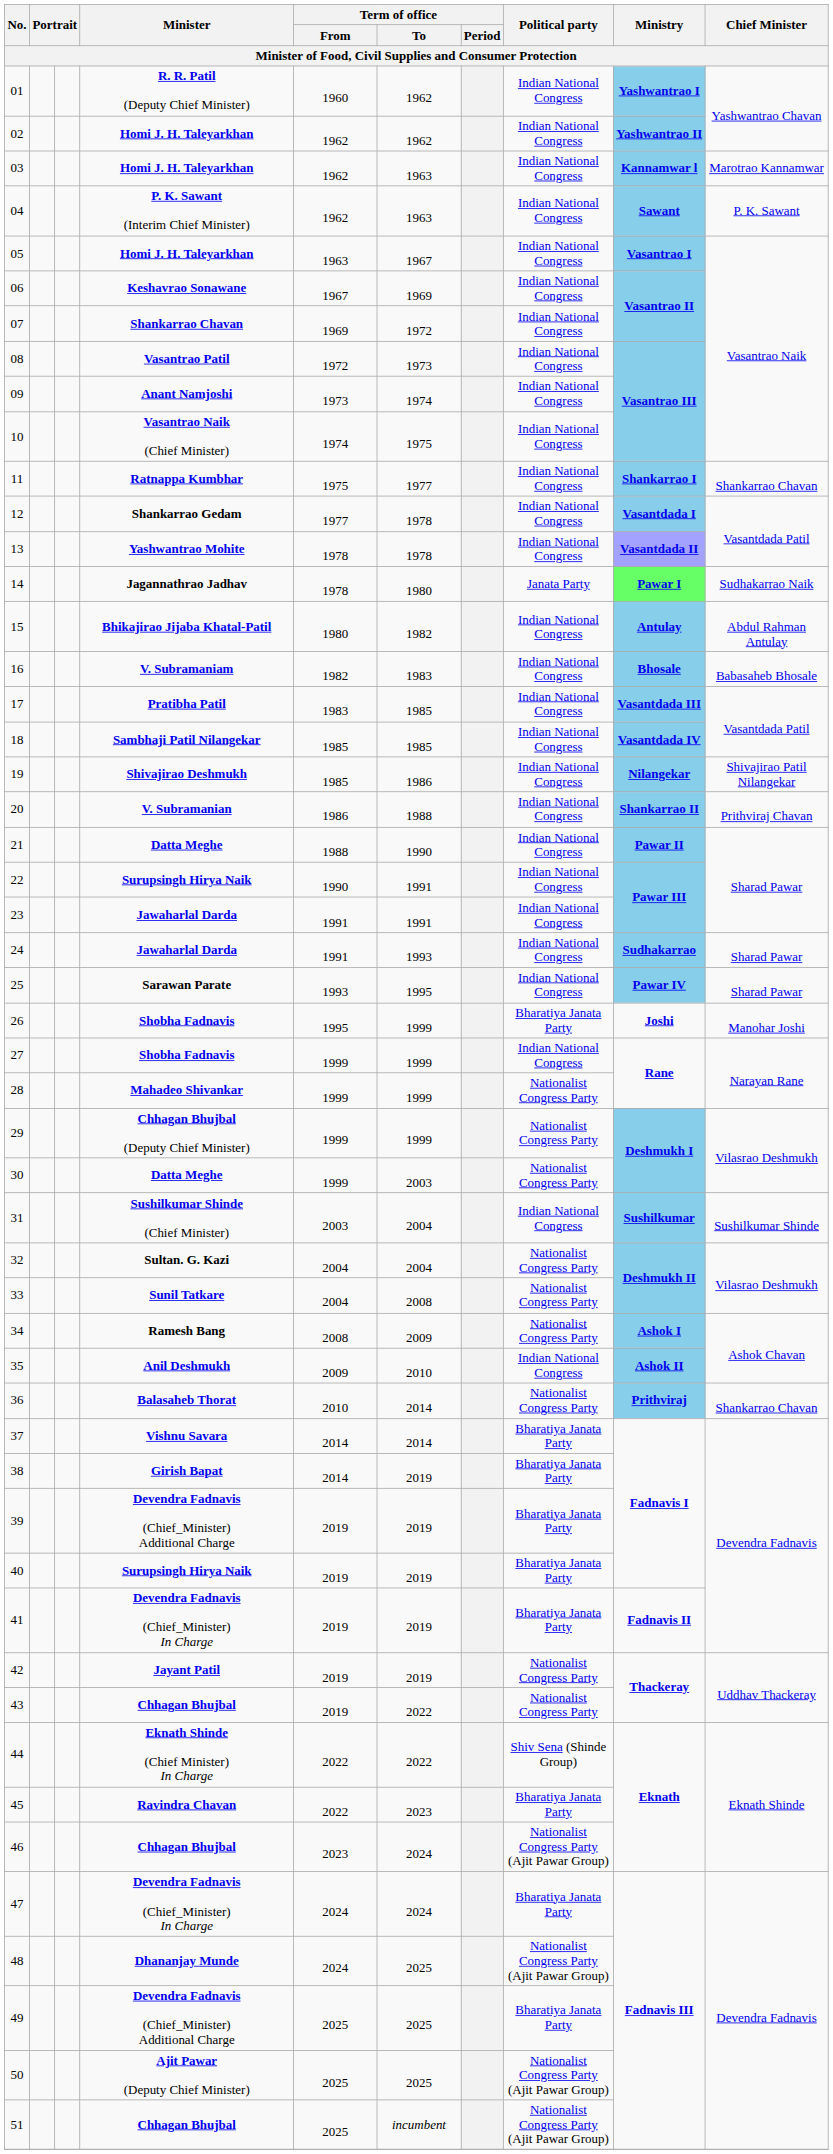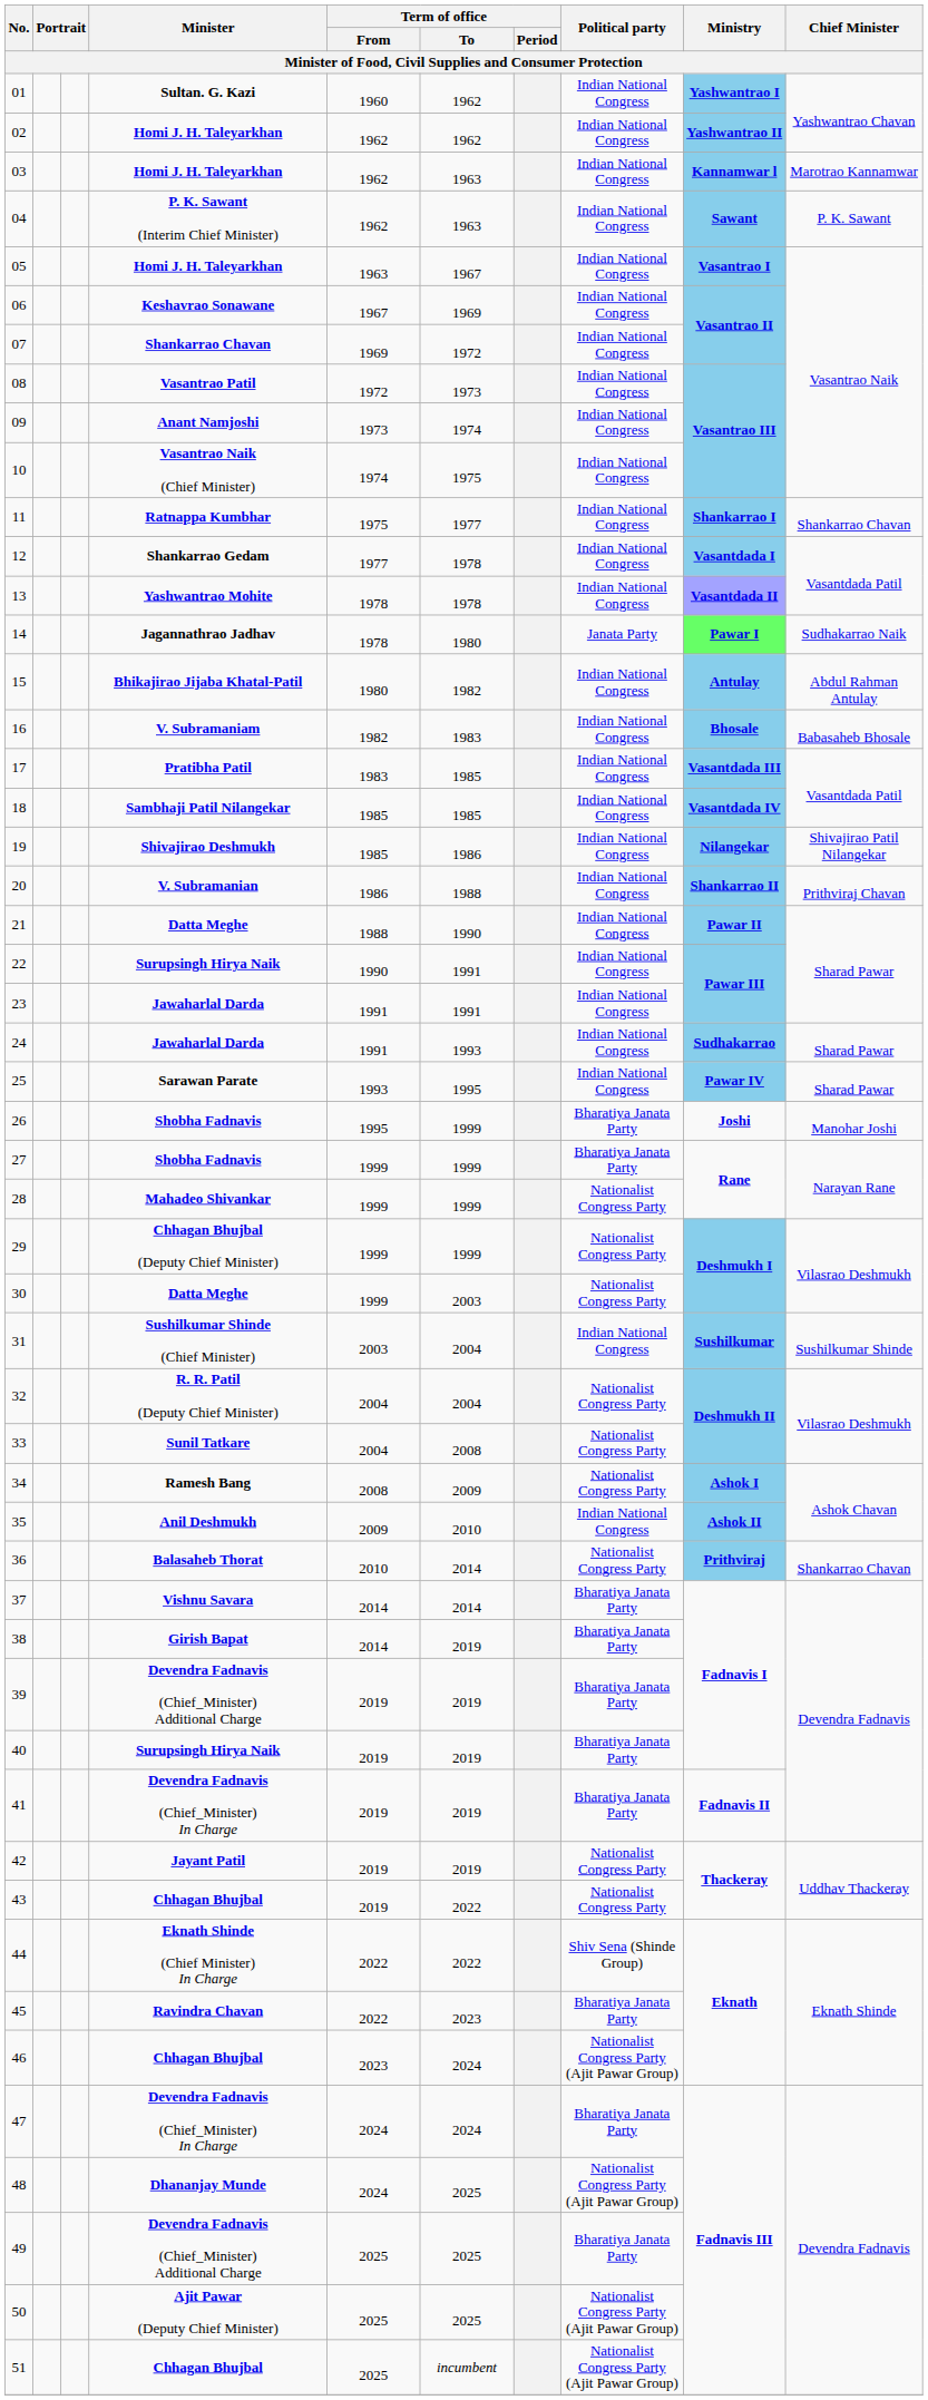 <table class="wikitable" style="text-align:center">
 <tr>
 <th rowspan="2">No.</th>
 <th rowspan="2" colspan="2">Portrait</th>
 <th rowspan="2" style="width:16em">Minister<br></th>
 <th colspan="3">Term of office</th>
 <th rowspan="2" style="width:8em">Political party</th>
 <th rowspan="2">Ministry</th>
 <th rowspan="2" style="width:9em">Chief Minister</th>
 </tr>
 <tr>
 <th style="width:6em">From</th>
 <th style="width:6em">To</th>
 <th>Period</th>
 </tr>
 <tr>
 <th colspan="10">Minister of Food, Civil Supplies and Consumer Protection</th>
 </tr>
 <tr>
 <td>01</td>
 <td style="color:inherit;background:"></td>
 <td></td>
-<td><strong><a href='#'>R. R. Patil</a></strong> <br> <br>(Deputy Chief Minister)</td>
+<td><strong>Sultan. G. Kazi</strong>   <br> </td>
 <td><br>1960</td>
 <td><br>1962</td>
 <th></th>
 <td><a href='#'>Indian National Congress</a></td>
 <td bgcolor="#87CEEB"><a href='#'><strong>Yashwantrao I</strong></a></td>
 <td rowspan="2"> <br><a href='#'>Yashwantrao Chavan</a></td>
 </tr>
 <tr>
 <td>02</td>
 <td style="color:inherit;background:"></td>
 <td></td>
 <td><strong><a href='#'>Homi J. H. Taleyarkhan</a></strong>  <br> </td>
 <td><br>1962</td>
 <td><br>1962</td>
 <th></th>
 <td><a href='#'>Indian National Congress</a></td>
 <td bgcolor="#87CEEB"><a href='#'><strong>Yashwantrao II</strong></a></td>
 </tr>
 <tr>
 <td>03</td>
 <td style="color:inherit;background:"></td>
 <td></td>
 <td><strong><a href='#'>Homi J. H. Taleyarkhan</a></strong> <br> </td>
 <td><br>1962</td>
 <td><br>1963</td>
 <th></th>
 <td><a href='#'>Indian National Congress</a></td>
 <td bgcolor="#87CEEB"><a href='#'><strong>Kannamwar l</strong></a></td>
 <td><a href='#'>Marotrao Kannamwar</a></td>
 </tr>
 <tr>
 <td>04</td>
 <td style="color:inherit;background:"></td>
 <td></td>
 <td><strong><a href='#'>P. K. Sawant</a></strong> <br>  <br>(Interim Chief Minister)</td>
 <td><br>1962</td>
 <td><br>1963</td>
 <th></th>
 <td><a href='#'>Indian National Congress</a></td>
 <td bgcolor="#87CEEB"><a href='#'><strong>Sawant</strong></a></td>
 <td><a href='#'>P. K. Sawant</a></td>
 </tr>
 <tr>
 <td>05</td>
 <td style="color:inherit;background:"></td>
 <td></td>
 <td><strong><a href='#'>Homi J. H. Taleyarkhan</a></strong> <br> </td>
 <td><br>1963</td>
 <td><br>1967</td>
 <th></th>
 <td><a href='#'>Indian National Congress</a></td>
 <td bgcolor="#87CEEB"><a href='#'><strong>Vasantrao I</strong></a></td>
 <td rowspan="6"><br><a href='#'>Vasantrao Naik</a></td>
 </tr>
 <tr>
 <td>06</td>
 <td style="color:inherit;background:"></td>
 <td></td>
 <td><strong><a href='#'>Keshavrao Sonawane</a></strong> <br> </td>
 <td><br>1967</td>
 <td><br>1969</td>
 <th></th>
 <td><a href='#'>Indian National Congress</a></td>
 <td rowspan="2" bgcolor="#87CEEB"><a href='#'><strong>Vasantrao II</strong></a></td>
 </tr>
 <tr>
 <td>07</td>
 <td style="color:inherit;background:"></td>
 <td></td>
 <td><strong><a href='#'>Shankarrao Chavan</a></strong> <br> </td>
 <td><br>1969</td>
 <td><br>1972</td>
 <th></th>
 <td><a href='#'>Indian National Congress</a></td>
 </tr>
 <tr>
 <td>08</td>
 <td style="color:inherit;background:"></td>
 <td></td>
 <td><strong><a href='#'>Vasantrao Patil</a></strong> <br> </td>
 <td><br>1972</td>
 <td><br>1973</td>
 <th></th>
 <td><a href='#'>Indian National Congress</a></td>
 <td rowspan="3" bgcolor="#87CEEB"><a href='#'><strong>Vasantrao III</strong></a></td>
 </tr>
 <tr>
 <td>09</td>
 <td style="color:inherit;background:"></td>
 <td></td>
 <td><strong><a href='#'>Anant Namjoshi</a></strong> <br> </td>
 <td><br>1973</td>
 <td><br>1974</td>
 <th></th>
 <td><a href='#'>Indian National Congress</a></td>
 </tr>
 <tr>
 <td>10</td>
 <td style="color:inherit;background:"></td>
 <td></td>
 <td><strong><a href='#'>Vasantrao Naik</a></strong><br>  <br> (Chief Minister)</td>
 <td><br>1974</td>
 <td><br>1975</td>
 <th></th>
 <td><a href='#'>Indian National Congress</a></td>
 </tr>
 <tr>
 <td>11</td>
 <td style="color:inherit;background:"></td>
 <td></td>
 <td><strong><a href='#'>Ratnappa Kumbhar</a></strong> <br> </td>
 <td><br>1975</td>
 <td><br>1977</td>
 <th></th>
 <td><a href='#'>Indian National Congress</a></td>
 <td rowspan="1" bgcolor="#87CEEB"><a href='#'><strong>Shankarrao I</strong></a></td>
 <td rowspan="1"><br><a href='#'>Shankarrao Chavan</a></td>
 </tr>
 <tr>
 <td>12</td>
 <td style="color:inherit;background:"></td>
 <td></td>
 <td><strong>Shankarrao Gedam</strong> <br> </td>
 <td><br>1977</td>
 <td><br>1978</td>
 <th></th>
 <td><a href='#'>Indian National Congress</a></td>
 <td rowspan="1" bgcolor="#88CEEB"><a href='#'><strong>Vasantdada I</strong></a></td>
 <td rowspan="2"><br><a href='#'>Vasantdada Patil</a></td>
 </tr>
 <tr>
 <td>13</td>
 <td style="color:inherit;background:"></td>
 <td></td>
 <td><strong><a href='#'>Yashwantrao Mohite</a></strong> <br> </td>
 <td><br>1978</td>
 <td><br>1978</td>
 <th></th>
 <td><a href='#'>Indian National Congress</a></td>
 <td rowspan="1" bgcolor="#A3A3FF"><a href='#'><strong>Vasantdada II</strong></a></td>
 </tr>
 <tr>
 <td>14</td>
 <td style="color:inherit;background:"></td>
 <td></td>
 <td><strong>Jagannathrao Jadhav</strong> <br> </td>
 <td><br>1978</td>
 <td><br>1980</td>
 <th></th>
 <td><a href='#'>Janata Party</a></td>
 <td rowspan="1" bgcolor="#66FF66"><a href='#'><strong>Pawar I</strong></a></td>
 <td rowspan="1"><a href='#'>Sudhakarrao Naik</a></td>
 </tr>
 <tr>
 <td>15</td>
 <td style="color:inherit;background:"></td>
 <td><br></td>
 <td><strong><a href='#'>Bhikajirao Jijaba Khatal-Patil</a></strong> <br> </td>
 <td><br>1980</td>
 <td><br>1982</td>
 <th></th>
 <td><a href='#'>Indian National Congress</a></td>
 <td rowspan="1" bgcolor="#87CEEB"><a href='#'><strong>Antulay</strong></a></td>
 <td rowspan="1"> <br><a href='#'>Abdul Rahman Antulay</a></td>
 </tr>
 <tr>
 <td>16</td>
 <td style="color:inherit;background:"></td>
 <td></td>
 <td><strong><a href='#'>V. Subramaniam</a></strong>  <br> </td>
 <td><br>1982</td>
 <td><br>1983</td>
 <th></th>
 <td><a href='#'>Indian National Congress</a></td>
 <td rowspan="1" bgcolor="#87CEEB"><a href='#'><strong>Bhosale</strong></a></td>
 <td rowspan="1"> <br><a href='#'>Babasaheb Bhosale</a></td>
 </tr>
 <tr>
 <td>17</td>
 <td style="color:inherit;background:"></td>
 <td></td>
 <td><strong><a href='#'>Pratibha Patil</a></strong> <br> </td>
 <td><br>1983</td>
 <td><br>1985</td>
 <th></th>
 <td><a href='#'>Indian National Congress</a></td>
 <td bgcolor="#87CEEB"><a href='#'><strong>Vasantdada III</strong></a></td>
 <td rowspan="2"><br><a href='#'>Vasantdada Patil</a></td>
 </tr>
 <tr>
 <td>18</td>
 <td style="color:inherit;background:"></td>
 <td></td>
 <td><strong><a href='#'>Sambhaji Patil Nilangekar</a></strong> <br> </td>
 <td><br>1985</td>
 <td><br>1985</td>
 <th></th>
 <td><a href='#'>Indian National Congress</a></td>
 <td bgcolor="#87CEEB"><a href='#'><strong>Vasantdada IV</strong></a></td>
 </tr>
 <tr>
 <td>19</td>
 <td style="color:inherit;background:"></td>
 <td></td>
 <td><strong><a href='#'>Shivajirao Deshmukh</a></strong> <br> </td>
 <td><br>1985</td>
 <td><br>1986</td>
 <th></th>
 <td><a href='#'>Indian National Congress</a></td>
 <td bgcolor="#87CEEB"><a href='#'><strong>Nilangekar</strong></a></td>
 <td><a href='#'>Shivajirao Patil Nilangekar</a></td>
 </tr>
 <tr>
 <td>20</td>
 <td style="color:inherit;background:"></td>
 <td></td>
 <td><strong><a href='#'>V. Subramanian</a></strong> <br> </td>
 <td><br>1986</td>
 <td><br>1988</td>
 <th></th>
 <td><a href='#'>Indian National Congress</a></td>
 <td rowspan="1"bgcolor="#87CEEB"><a href='#'><strong>Shankarrao II</strong></a></td>
 <td rowspan="1"><br><a href='#'>Prithviraj Chavan</a></td>
 </tr>
 <tr>
 <td>21</td>
 <td style="color:inherit;background:"></td>
 <td></td>
 <td><strong><a href='#'>Datta Meghe</a></strong> <br> </td>
 <td><br>1988</td>
 <td><br>1990</td>
 <th></th>
 <td><a href='#'>Indian National Congress</a></td>
 <td rowspan="1" bgcolor="#87CEEB"><a href='#'><strong>Pawar II</strong></a></td>
 <td rowspan="3"> <br><a href='#'>Sharad Pawar</a></td>
 </tr>
 <tr>
 <td>22</td>
 <td style="color:inherit;background:"></td>
 <td></td>
 <td><strong><a href='#'>Surupsingh Hirya Naik</a></strong> <br> </td>
 <td><br>1990</td>
 <td><br>1991</td>
 <th></th>
 <td><a href='#'>Indian National Congress</a></td>
 <td rowspan="2" bgcolor="#87CEEB"><a href='#'><strong>Pawar III</strong></a></td>
 </tr>
 <tr>
 <td>23</td>
 <td style="color:inherit;background:"></td>
 <td></td>
 <td><strong><a href='#'>Jawaharlal Darda</a></strong> <br> </td>
 <td><br>1991</td>
 <td><br>1991</td>
 <th></th>
 <td><a href='#'>Indian National Congress</a></td>
 </tr>
 <tr>
 <td>24</td>
 <td style="color:inherit;background:"></td>
 <td></td>
 <td><strong><a href='#'>Jawaharlal Darda</a></strong> <br> </td>
 <td><br>1991</td>
 <td><br>1993</td>
 <th></th>
 <td><a href='#'>Indian National Congress</a></td>
 <td rowspan="1" bgcolor="#87CEEB"><a href='#'><strong>Sudhakarrao</strong></a></td>
 <td rowspan="1"><br><a href='#'>Sharad Pawar</a></td>
 </tr>
 <tr>
 <td>25</td>
 <td style="color:inherit;background:"></td>
 <td></td>
 <td><strong>Sarawan Parate</strong> <br> </td>
 <td><br>1993</td>
 <td><br>1995</td>
 <th></th>
 <td><a href='#'>Indian National Congress</a></td>
 <td bgcolor="#87CEEB"><a href='#'><strong>Pawar IV</strong></a></td>
 <td> <br><a href='#'>Sharad Pawar</a></td>
 </tr>
 <tr>
 <td>26</td>
 <td style="color:inherit;background:"></td>
 <td></td>
 <td><strong><a href='#'>Shobha Fadnavis</a></strong> <br> </td>
 <td><br>1995</td>
 <td><br>1999</td>
 <th></th>
 <td><a href='#'>Bharatiya Janata Party</a></td>
 <td rowspan="1"><a href='#'><strong>Joshi</strong></a></td>
 <td rowspan="1"> <br><a href='#'>Manohar Joshi</a></td>
 </tr>
 <tr>
 <td>27</td>
 <td style="color:inherit;background:"></td>
 <td></td>
 <td><strong><a href='#'>Shobha Fadnavis</a></strong> <br> </td>
 <td><br>1999</td>
 <td><br>1999</td>
 <th></th>
-<td><a href='#'>Indian National Congress</a></td>
+<td><a href='#'>Bharatiya Janata Party</a></td>
 <td rowspan="2"><a href='#'><strong>Rane</strong></a></td>
 <td rowspan="2"> <br><a href='#'>Narayan Rane</a></td>
 </tr>
 <tr>
 <td>28</td>
 <td style="color:inherit;background:"></td>
 <td></td>
 <td><strong><a href='#'>Mahadeo Shivankar</a></strong> <br> </td>
 <td><br>1999</td>
 <td><br>1999</td>
 <th></th>
 <td><a href='#'>Nationalist Congress Party</a></td>
 </tr>
 <tr>
 <td>29</td>
 <td style="color:inherit;background:"></td>
 <td></td>
 <td><strong><a href='#'>Chhagan Bhujbal</a></strong> <br> <br> (Deputy Chief Minister)</td>
 <td><br>1999</td>
 <td><br>1999</td>
 <th></th>
 <td><a href='#'>Nationalist Congress Party</a></td>
 <td rowspan="2" bgcolor="#87CEEB"><a href='#'><strong>Deshmukh I</strong></a></td>
 <td rowspan="2"> <br><a href='#'>Vilasrao Deshmukh</a></td>
 </tr>
 <tr>
 <td>30</td>
 <td style="color:inherit;background:"></td>
 <td></td>
 <td><strong><a href='#'>Datta Meghe</a></strong> <br> </td>
 <td><br>1999</td>
 <td><br>2003</td>
 <th></th>
 <td><a href='#'>Nationalist Congress Party</a></td>
 </tr>
 <tr>
 <td>31</td>
 <td style="color:inherit;background:"></td>
 <td></td>
 <td><strong><a href='#'>Sushilkumar Shinde</a></strong> <br> <br> (Chief Minister)</td>
 <td><br>2003</td>
 <td><br>2004</td>
 <th></th>
 <td><a href='#'>Indian National Congress</a></td>
 <td rowspan="1" bgcolor="#87CEEB"><a href='#'><strong>Sushilkumar</strong></a></td>
 <td rowspan="1"> <br><a href='#'>Sushilkumar Shinde</a></td>
 </tr>
 <tr>
 <td>32</td>
 <td style="color:inherit;background:"></td>
 <td></td>
-<td><strong>Sultan. G. Kazi</strong>   <br> </td>
+<td><strong><a href='#'>R. R. Patil</a></strong> <br> <br>(Deputy Chief Minister)</td>
 <td><br>2004</td>
 <td><br>2004</td>
 <th></th>
 <td><a href='#'>Nationalist Congress Party</a></td>
 <td rowspan="2" bgcolor="#87CEEB"><a href='#'><strong>Deshmukh II</strong></a></td>
 <td rowspan="2"> <br><a href='#'>Vilasrao Deshmukh</a></td>
 </tr>
 <tr>
 <td>33</td>
 <td style="color:inherit;background:"></td>
 <td></td>
 <td><strong><a href='#'>Sunil Tatkare</a></strong> <br> </td>
 <td><br>2004</td>
 <td><br>2008</td>
 <th></th>
 <td><a href='#'>Nationalist Congress Party</a></td>
 </tr>
 <tr>
 <td>34</td>
 <td style="color:inherit;background:"></td>
 <td></td>
 <td><strong>Ramesh Bang</strong>   <br> </td>
 <td><br>2008</td>
 <td><br>2009</td>
 <th></th>
 <td><a href='#'>Nationalist Congress Party</a></td>
 <td bgcolor="#87CEEB"><a href='#'><strong>Ashok I</strong></a></td>
 <td rowspan="2"><br><a href='#'>Ashok Chavan</a></td>
 </tr>
 <tr>
 <td>35</td>
 <td style="color:inherit;background:"></td>
 <td></td>
 <td><strong><a href='#'>Anil Deshmukh</a></strong> <br> </td>
 <td><br>2009</td>
 <td><br>2010</td>
 <th></th>
 <td><a href='#'>Indian National Congress</a></td>
 <td bgcolor="#87CEEB"><a href='#'><strong>Ashok II</strong></a></td>
 </tr>
 <tr>
 <td>36</td>
 <td style="color:inherit;background:"></td>
 <td></td>
 <td><strong><a href='#'>Balasaheb Thorat</a></strong> <br> </td>
 <td><br>2010</td>
 <td><br>2014</td>
 <th></th>
 <td><a href='#'>Nationalist Congress Party</a></td>
 <td rowspan="1" bgcolor="#87CEEB"><a href='#'><strong>Prithviraj</strong></a></td>
 <td rowspan="1"> <br><a href='#'>Shankarrao Chavan</a></td>
 </tr>
 <tr>
 <td>37</td>
 <td style="color:inherit;background:"></td>
 <td></td>
 <td><strong><a href='#'>Vishnu Savara</a></strong>  <br> </td>
 <td><br>2014</td>
 <td><br>2014</td>
 <th></th>
 <td rowspan="1"><a href='#'>Bharatiya Janata Party</a></td>
 <td rowspan="4"><a href='#'><strong>Fadnavis I</strong></a></td>
 <td rowspan="5"> <br><a href='#'>Devendra Fadnavis</a></td>
 </tr>
 <tr>
 <td>38</td>
 <td style="color:inherit;background:"></td>
 <td></td>
 <td><strong><a href='#'>Girish Bapat</a></strong>  <br> </td>
 <td><br>2014</td>
 <td><br>2019</td>
 <th></th>
 <td rowspan="1"><a href='#'>Bharatiya Janata Party</a></td>
 </tr>
 <tr>
 <td>39</td>
 <td style="color:inherit;background:"></td>
 <td></td>
 <td><strong><a href='#'>Devendra Fadnavis</a></strong> <br> <br>(Chief_Minister) <br>Additional Charge</td>
 <td><br>2019</td>
 <td><br>2019</td>
 <th></th>
 <td><a href='#'>Bharatiya Janata Party</a></td>
 </tr>
 <tr>
 <td>40</td>
 <td style="color:inherit;background:"></td>
 <td></td>
 <td><strong><a href='#'>Surupsingh Hirya Naik</a></strong> <br> </td>
 <td><br>2019</td>
 <td><br>2019</td>
 <th></th>
 <td><a href='#'>Bharatiya Janata Party</a></td>
 </tr>
 <tr>
 <td>41</td>
 <td style="color:inherit;background:"></td>
 <td></td>
 <td><strong><a href='#'>Devendra Fadnavis</a></strong>  <br> <br>(Chief_Minister) <br><em>In Charge</em></td>
 <td><br>2019</td>
 <td><br>2019</td>
 <th></th>
 <td><a href='#'>Bharatiya Janata Party</a></td>
 <td rowspan="1"><a href='#'><strong>Fadnavis II</strong></a></td>
 </tr>
 <tr>
 <td>42</td>
 <td style="color:inherit;background:"></td>
 <td></td>
 <td><strong><a href='#'>Jayant Patil</a></strong> <br> </td>
 <td><br>2019</td>
 <td><br>2019</td>
 <th></th>
 <td><a href='#'>Nationalist Congress Party</a></td>
 <td rowspan="2"><a href='#'><strong>Thackeray</strong></a></td>
 <td rowspan="2"> <br><a href='#'>Uddhav Thackeray</a></td>
 </tr>
 <tr>
 <td>43</td>
 <td style="color:inherit;background:"></td>
 <td></td>
 <td><strong><a href='#'>Chhagan Bhujbal</a></strong> <br> </td>
 <td><br>2019</td>
 <td><br>2022</td>
 <th></th>
 <td><a href='#'>Nationalist Congress Party</a></td>
 </tr>
 <tr>
 <td>44</td>
 <td style="color:inherit;background:"></td>
 <td></td>
 <td><strong><a href='#'>Eknath Shinde</a></strong> <br> <br>(Chief Minister)<br><em>In Charge</em></td>
 <td><br>2022</td>
 <td><br>2022</td>
 <th></th>
 <td><a href='#'>Shiv Sena</a> (Shinde Group)</td>
 <td rowspan="3"><a href='#'><strong>Eknath</strong></a></td>
 <td rowspan="3"> <br><a href='#'>Eknath Shinde</a></td>
 </tr>
 <tr>
 <td>45</td>
 <td style="color:inherit;background:"></td>
 <td></td>
 <td><strong><a href='#'>Ravindra Chavan</a></strong> <br> </td>
 <td><br>2022</td>
 <td><br>2023</td>
 <th></th>
 <td><a href='#'>Bharatiya Janata Party</a></td>
 </tr>
 <tr>
 <td>46</td>
 <td style="color:inherit;background:"></td>
 <td></td>
 <td><strong><a href='#'>Chhagan Bhujbal</a></strong> <br> </td>
 <td><br>2023</td>
 <td><br>2024</td>
 <th></th>
 <td><a href='#'>Nationalist Congress Party</a> (Ajit Pawar Group)</td>
 </tr>
 <tr>
 <td>47</td>
 <td style="color:inherit;background:"></td>
 <td></td>
 <td><strong><a href='#'>Devendra Fadnavis</a></strong>  <br> <br>(Chief_Minister) <br><em>In Charge</em></td>
 <td><br>2024</td>
 <td><br>2024</td>
 <th></th>
 <td><a href='#'>Bharatiya Janata Party</a></td>
 <td rowspan="5"><a href='#'><strong>Fadnavis III</strong></a></td>
 <td rowspan="5"> <br><a href='#'>Devendra Fadnavis</a></td>
 </tr>
 <tr>
 <td>48</td>
 <td style="color:inherit;background:"></td>
 <td></td>
 <td><strong><a href='#'>Dhananjay Munde</a></strong> <br> </td>
 <td><br>2024</td>
 <td><br>2025</td>
 <th></th>
 <td><a href='#'>Nationalist Congress Party</a> (Ajit Pawar Group)</td>
 </tr>
 <tr>
 <td>49</td>
 <td style="color:inherit;background:"></td>
 <td></td>
 <td><strong><a href='#'>Devendra Fadnavis</a></strong> <br> <br>(Chief_Minister) <br>Additional Charge</td>
 <td><br>2025</td>
 <td><br>2025</td>
 <th></th>
 <td><a href='#'>Bharatiya Janata Party</a></td>
 </tr>
 <tr>
 <td>50</td>
 <td></td>
 <td></td>
 <td><strong><a href='#'>Ajit Pawar</a></strong> <br> <br>(Deputy Chief Minister)</td>
 <td><br>2025</td>
 <td><br>2025</td>
 <th></th>
 <td><a href='#'>Nationalist Congress Party</a> (Ajit Pawar Group)</td>
 </tr>
 <tr>
 <td>51</td>
 <td style="color:inherit;background:"></td>
 <td></td>
 <td><strong><a href='#'>Chhagan Bhujbal</a></strong> <br> </td>
 <td><br>2025</td>
 <td><em>incumbent</em></td>
 <th></th>
 <td><a href='#'>Nationalist Congress Party</a> (Ajit Pawar Group)</td>
 </tr>
 <tr>
 </tr>
 </table>
